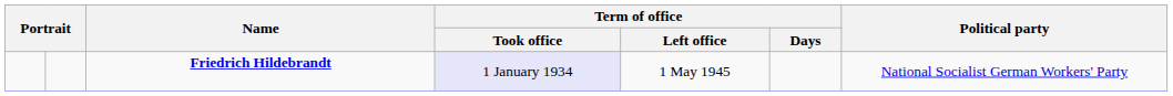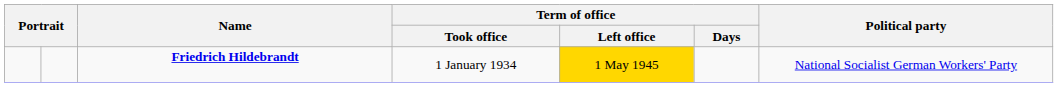 <table class="wikitable" style="text-align:center; width:100%; border:1px #AAAAFF solid">
 <tr>
 <th width=80px rowspan=2 colspan=2>Portrait</th>
 <th width=30% rowspan=2>Name<br></th>
 <th width=35% colspan=3>Term of office</th>
 <th width=28% rowspan=2>Political party</th>
 </tr>
 <tr>
 <th>Took office</th>
 <th>Left office</th>
 <th>Days</th>
 </tr>
 <tr>
 <td style="background:"></td>
 <td></td>
 <td><strong><a href='#'>Friedrich Hildebrandt</a></strong><br><br></td>
-<td style="background: lavender;">1 January 1934</td>
-<td>1 May 1945</td>
+<td>1 January 1934</td>
+<td style="background: gold;">1 May 1945</td>
 <td></td>
 <td><a href='#'>National Socialist German Workers' Party</a></td>
 </tr>
 <tr>
 </tr>
 </table>
